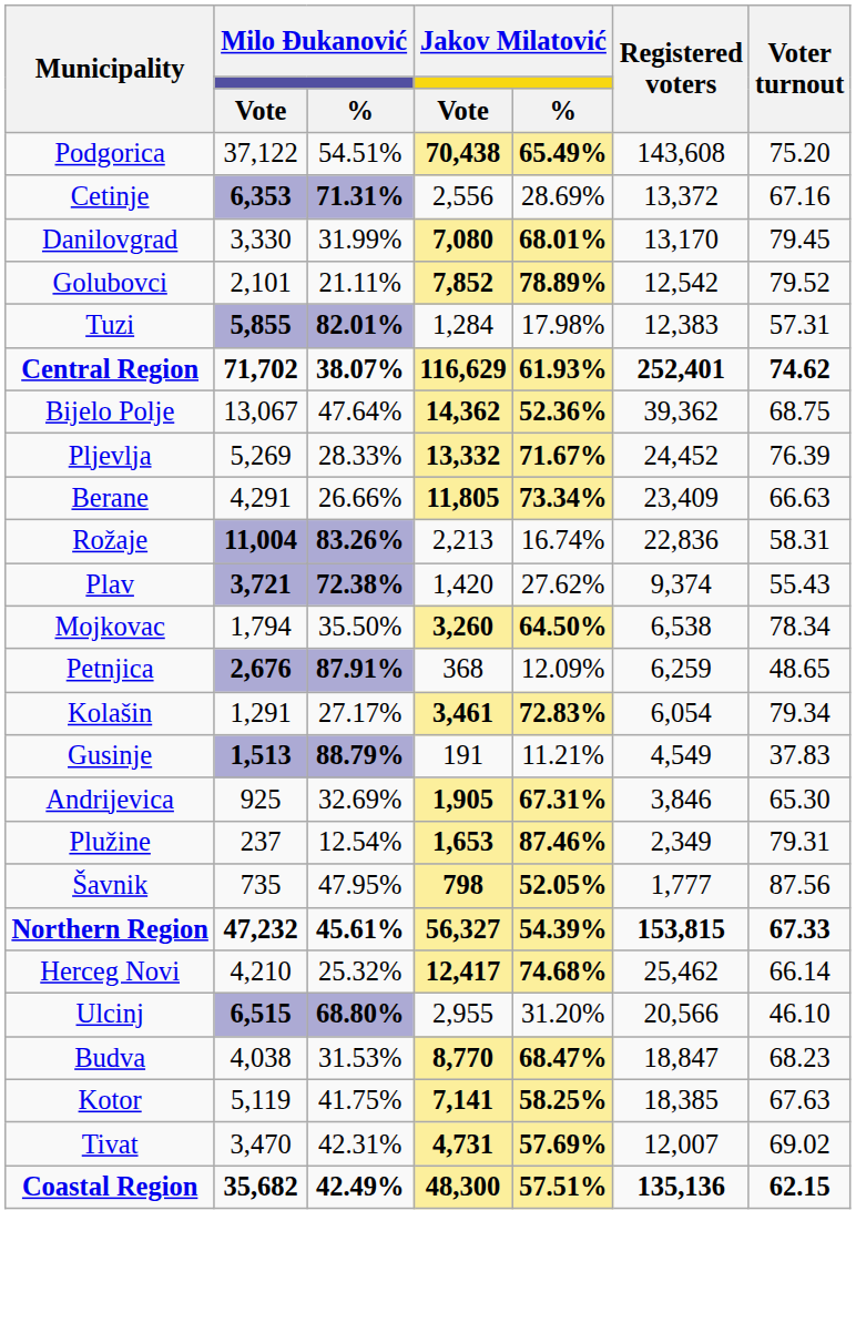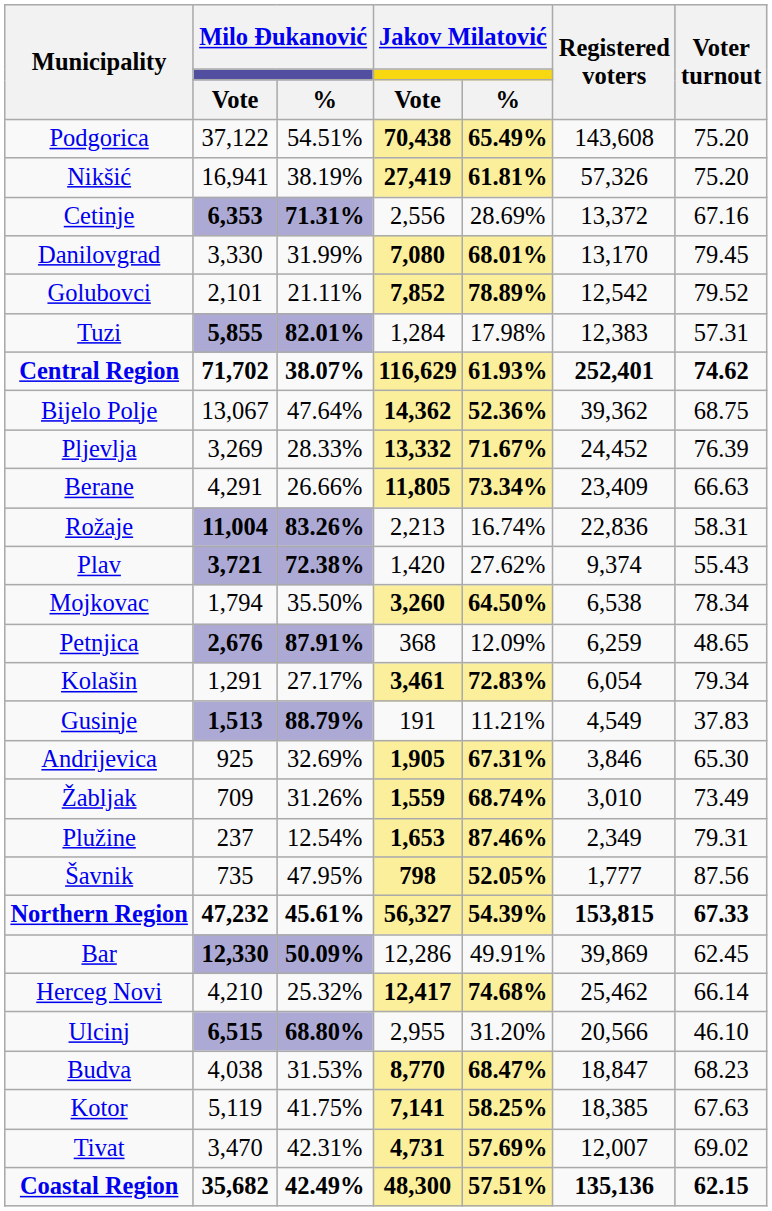 <table class="wikitable sortable" style="text-align:center;">
 <tr style="height:42px;">
 <th rowspan="3">Municipality<br></th>
 <th colspan=2><a href='#'>Milo Đukanović</a></th>
 <th colspan=2><a href='#'>Jakov Milatović</a></th>
 <th rowspan="3">Registered<br>voters</th>
 <th rowspan="3">Voter<br>turnout</th>
 </tr>
 <tr>
 <th colspan=2 style="background:#524FA1;"></th>
 <th colspan=2 style="background:#F8D810;"></th>
 </tr>
 <tr>
 <th>Vote</th>
 <th>%</th>
 <th>Vote</th>
 <th>%</th>
 </tr>
 <tr>
 <td><a href='#'>Podgorica</a></td>
 <td>37,122</td>
 <td>54.51%</td>
 <td style="background:#fcef9c;"><strong>70,438</strong></td>
 <td style="background:#fcef9c;"><strong>65.49%</strong></td>
 <td>143,608</td>
+<td>75.20</td>
+</tr>
+<tr>
+<td><a href='#'>Nikšić</a></td>
+<td>16,941</td>
+<td>38.19%</td>
+<td style="background:#fcef9c;"><strong>27,419</strong></td>
+<td style="background:#fcef9c;"><strong>61.81%</strong></td>
+<td>57,326</td>
 <td>75.20</td>
 </tr>
 <tr>
 <td><a href='#'>Cetinje</a></td>
 <td style="background:#acaad4;"><strong>6,353</strong></td>
 <td style="background:#acaad4;"><strong>71.31%</strong></td>
 <td>2,556</td>
 <td>28.69%</td>
 <td>13,372</td>
 <td>67.16</td>
 </tr>
 <tr>
 <td><a href='#'>Danilovgrad</a></td>
 <td>3,330</td>
 <td>31.99%</td>
 <td style="background:#fcef9c;"><strong>7,080</strong></td>
 <td style="background:#fcef9c;"><strong>68.01%</strong></td>
 <td>13,170</td>
 <td>79.45</td>
 </tr>
 <tr>
 <td><a href='#'>Golubovci</a></td>
 <td>2,101</td>
 <td>21.11%</td>
 <td style="background:#fcef9c;"><strong>7,852</strong></td>
 <td style="background:#fcef9c;"><strong>78.89%</strong></td>
 <td>12,542</td>
 <td>79.52</td>
 </tr>
 <tr>
 <td><a href='#'>Tuzi</a></td>
 <td style="background:#acaad4;"><strong>5,855</strong></td>
 <td style="background:#acaad4;"><strong>82.01%</strong></td>
 <td>1,284</td>
 <td>17.98%</td>
 <td>12,383</td>
 <td>57.31</td>
 </tr>
 <tr>
 <td><strong><a href='#'>Central Region</a></strong></td>
 <td><strong>71,702</strong></td>
 <td><strong>38.07%</strong></td>
 <td style="background:#fcef9c;"><strong>116,629</strong></td>
 <td style="background:#fcef9c;"><strong>61.93%</strong></td>
 <td><strong>252,401</strong></td>
 <td><strong>74.62</strong></td>
 </tr>
 <tr>
 <td><a href='#'>Bijelo Polje</a></td>
 <td>13,067</td>
 <td>47.64%</td>
 <td style="background:#fcef9c;"><strong>14,362</strong></td>
 <td style="background:#fcef9c;"><strong>52.36%</strong></td>
 <td>39,362</td>
 <td>68.75</td>
 </tr>
 <tr>
 <td><a href='#'>Pljevlja</a></td>
-<td>5,269</td>
+<td>3,269</td>
 <td>28.33%</td>
 <td style="background:#fcef9c;"><strong>13,332</strong></td>
 <td style="background:#fcef9c;"><strong>71.67%</strong></td>
 <td>24,452</td>
 <td>76.39</td>
 </tr>
 <tr>
 <td><a href='#'>Berane</a></td>
 <td>4,291</td>
 <td>26.66%</td>
 <td style="background:#fcef9c;"><strong>11,805</strong></td>
 <td style="background:#fcef9c;"><strong>73.34%</strong></td>
 <td>23,409</td>
 <td>66.63</td>
 </tr>
 <tr>
 <td><a href='#'>Rožaje</a></td>
 <td style="background:#acaad4;"><strong>11,004</strong></td>
 <td style="background:#acaad4;"><strong>83.26%</strong></td>
 <td>2,213</td>
 <td>16.74%</td>
 <td>22,836</td>
 <td>58.31</td>
 </tr>
 <tr>
 <td><a href='#'>Plav</a></td>
 <td style="background:#acaad4;"><strong>3,721</strong></td>
 <td style="background:#acaad4;"><strong>72.38%</strong></td>
 <td>1,420</td>
 <td>27.62%</td>
 <td>9,374</td>
 <td>55.43</td>
 </tr>
 <tr>
 <td><a href='#'>Mojkovac</a></td>
 <td>1,794</td>
 <td>35.50%</td>
 <td style="background:#fcef9c;"><strong>3,260</strong></td>
 <td style="background:#fcef9c;"><strong>64.50%</strong></td>
 <td>6,538</td>
 <td>78.34</td>
 </tr>
 <tr>
 <td><a href='#'>Petnjica</a></td>
 <td style="background:#acaad4;"><strong>2,676</strong></td>
 <td style="background:#acaad4;"><strong>87.91%</strong></td>
 <td>368</td>
 <td>12.09%</td>
 <td>6,259</td>
 <td>48.65</td>
 </tr>
 <tr>
 <td><a href='#'>Kolašin</a></td>
 <td>1,291</td>
 <td>27.17%</td>
 <td style="background:#fcef9c;"><strong>3,461</strong></td>
 <td style="background:#fcef9c;"><strong>72.83%</strong></td>
 <td>6,054</td>
 <td>79.34</td>
 </tr>
 <tr>
 <td><a href='#'>Gusinje</a></td>
 <td style="background:#acaad4;"><strong>1,513</strong></td>
 <td style="background:#acaad4;"><strong>88.79%</strong></td>
 <td>191</td>
 <td>11.21%</td>
 <td>4,549</td>
 <td>37.83</td>
 </tr>
 <tr>
 <td><a href='#'>Andrijevica</a></td>
 <td>925</td>
 <td>32.69%</td>
 <td style="background:#fcef9c;"><strong>1,905</strong></td>
 <td style="background:#fcef9c;"><strong>67.31%</strong></td>
 <td>3,846</td>
 <td>65.30</td>
 </tr>
 <tr>
+<td><a href='#'>Žabljak</a></td>
+<td>709</td>
+<td>31.26%</td>
+<td style="background:#fcef9c;"><strong>1,559</strong></td>
+<td style="background:#fcef9c;"><strong>68.74%</strong></td>
+<td>3,010</td>
+<td>73.49</td>
+</tr>
+<tr>
 <td><a href='#'>Plužine</a></td>
 <td>237</td>
 <td>12.54%</td>
 <td style="background:#fcef9c;"><strong>1,653</strong></td>
 <td style="background:#fcef9c;"><strong>87.46%</strong></td>
 <td>2,349</td>
 <td>79.31</td>
 </tr>
 <tr>
 <td><a href='#'>Šavnik</a></td>
 <td>735</td>
 <td>47.95%</td>
 <td style="background:#fcef9c;"><strong>798</strong></td>
 <td style="background:#fcef9c;"><strong>52.05%</strong></td>
 <td>1,777</td>
 <td>87.56</td>
 </tr>
 <tr>
 <td><strong><a href='#'>Northern Region</a></strong></td>
 <td><strong>47,232</strong></td>
 <td><strong>45.61%</strong></td>
 <td style="background:#fcef9c;"><strong>56,327</strong></td>
 <td style="background:#fcef9c;"><strong>54.39%</strong></td>
 <td><strong>153,815</strong></td>
 <td><strong>67.33</strong></td>
+</tr>
+<tr>
+<td><a href='#'>Bar</a></td>
+<td style="background:#acaad4;"><strong>12,330</strong></td>
+<td style="background:#acaad4;"><strong>50.09%</strong></td>
+<td>12,286</td>
+<td>49.91%</td>
+<td>39,869</td>
+<td>62.45</td>
 </tr>
 <tr>
 <td><a href='#'>Herceg Novi</a></td>
 <td>4,210</td>
 <td>25.32%</td>
 <td style="background:#fcef9c;"><strong>12,417</strong></td>
 <td style="background:#fcef9c;"><strong>74.68%</strong></td>
 <td>25,462</td>
 <td>66.14</td>
 </tr>
 <tr>
 <td><a href='#'>Ulcinj</a></td>
 <td style="background:#acaad4;"><strong>6,515</strong></td>
 <td style="background:#acaad4;"><strong>68.80%</strong></td>
 <td>2,955</td>
 <td>31.20%</td>
 <td>20,566</td>
 <td>46.10</td>
 </tr>
 <tr>
 <td><a href='#'>Budva</a></td>
 <td>4,038</td>
 <td>31.53%</td>
 <td style="background:#fcef9c;"><strong>8,770</strong></td>
 <td style="background:#fcef9c;"><strong>68.47%</strong></td>
 <td>18,847</td>
 <td>68.23</td>
 </tr>
 <tr>
 <td><a href='#'>Kotor</a></td>
 <td>5,119</td>
 <td>41.75%</td>
 <td style="background:#fcef9c;"><strong>7,141</strong></td>
 <td style="background:#fcef9c;"><strong>58.25%</strong></td>
 <td>18,385</td>
 <td>67.63</td>
 </tr>
 <tr>
 <td><a href='#'>Tivat</a></td>
 <td>3,470</td>
 <td>42.31%</td>
 <td style="background:#fcef9c;"><strong>4,731</strong></td>
 <td style="background:#fcef9c;"><strong>57.69%</strong></td>
 <td>12,007</td>
 <td>69.02</td>
 </tr>
 <tr>
 <td><strong><a href='#'>Coastal Region</a></strong></td>
 <td><strong>35,682</strong></td>
 <td><strong>42.49%</strong></td>
 <td style="background:#fcef9c;"><strong>48,300</strong></td>
 <td style="background:#fcef9c;"><strong>57.51%</strong></td>
 <td><strong>135,136</strong></td>
 <td><strong>62.15</strong></td>
 </tr>
 </table>
